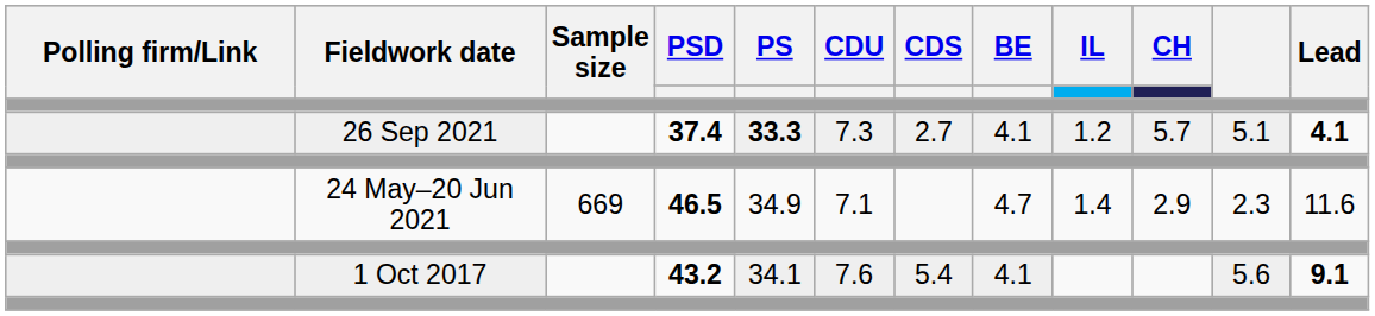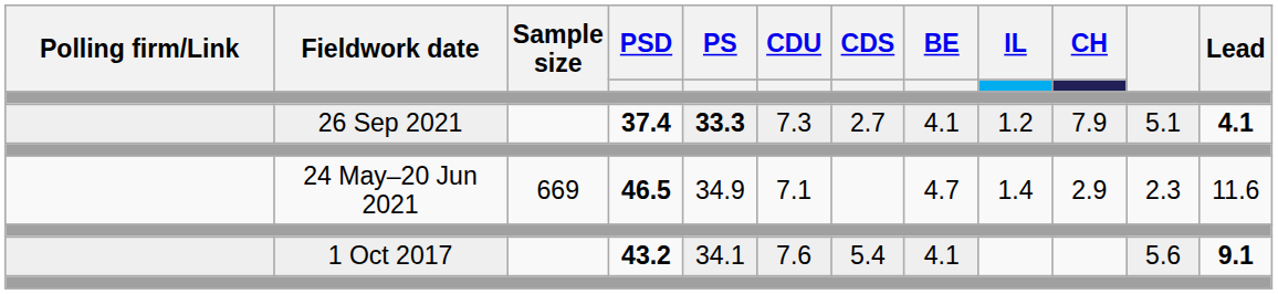 <table class="wikitable sortable mw-datatable" style="text-align:center;font-size:90%;line-height:16px;">
 <tr style="height:42px;">
 <th style="width:145px;" rowspan="2">Polling firm/Link</th>
 <th style="width:125px;" rowspan="2">Fieldwork date</th>
 <th class="unsortable" style="width:50px;" rowspan="2">Sample size</th>
 <th class="unsortable" style="width:35px;"><a href='#'>PSD</a></th>
 <th class="unsortable" style="width:35px;"><a href='#'>PS</a></th>
 <th class="unsortable" style="width:35px;"><a href='#'>CDU</a></th>
 <th class="unsortable" style="width:35px;"><a href='#'>CDS</a></th>
 <th class="unsortable" style="width:35px;"><a href='#'>BE</a></th>
 <th class="unsortable" style="width:35px;"><a href='#'>IL</a></th>
 <th class="unsortable" style="width:35px;"><a href='#'>CH</a></th>
 <th class="unsortable" style="width:35px;" rowspan="2"></th>
 <th class="unsortable" style="width:30px;" rowspan="2">Lead</th>
 </tr>
 <tr>
 <th class="unsortable" style="color:inherit;background:"></th>
 <th class="unsortable" style="color:inherit;background:"></th>
 <th class="unsortable" style="color:inherit;background:"></th>
 <th class="unsortable" style="color:inherit;background:"></th>
 <th class="unsortable" style="color:inherit;background:"></th>
 <th class="sortable" style="background:#00ADEF;"></th>
 <th class="unsortable" style="color:inherit;background:#202056;"></th>
 </tr>
 <tr>
 <td colspan="12" style="background:#A0A0A0"></td>
 </tr>
 <tr>
 <td style="background:#EFEFEF;"><strong></strong></td>
 <td style="background:#EFEFEF;" data-sort-value="2019-10-06">26 Sep 2021</td>
 <td></td>
 <td><strong>37.4</strong><br></td>
 <td style="background:#EFEFEF;"><strong>33.3<br></strong></td>
 <td style="background:#EFEFEF;">7.3<br></td>
 <td style="background:#EFEFEF;">2.7<br></td>
 <td style="background:#EFEFEF;">4.1<br></td>
 <td style="background:#EFEFEF;">1.2<br></td>
-<td style="background:#EFEFEF;">5.7<br></td>
+<td style="background:#EFEFEF;">7.9<br></td>
 <td style="background:#EFEFEF;">5.1<br></td>
 <td style="background:"><strong>4.1</strong></td>
 </tr>
 <tr>
 <td colspan="12" style="background:#A0A0A0"></td>
 </tr>
 <tr>
 <td align="center"></td>
 <td align="center">24 May–20 Jun 2021</td>
 <td align="center">669</td>
 <td align="center" ><strong>46.5</strong></td>
 <td align="center">34.9</td>
 <td align="center">7.1</td>
 <td></td>
 <td align="center">4.7</td>
 <td align="center">1.4</td>
 <td align="center">2.9</td>
 <td align="center">2.3</td>
 <td style="background:">11.6</td>
 </tr>
 <tr>
 <td colspan="12" style="background:#A0A0A0"></td>
 </tr>
 <tr>
 <td style="background:#EFEFEF;"><strong></strong></td>
 <td style="background:#EFEFEF;" data-sort-value="2019-10-06">1 Oct 2017</td>
 <td></td>
 <td><strong>43.2</strong><br></td>
 <td style="background:#EFEFEF;">34.1<br></td>
 <td style="background:#EFEFEF;">7.6<br></td>
 <td style="background:#EFEFEF;">5.4<br></td>
 <td style="background:#EFEFEF;">4.1<br></td>
 <td></td>
 <td></td>
 <td style="background:#EFEFEF;">5.6<br></td>
 <td style="background:"><strong>9.1</strong></td>
 </tr>
 <tr>
 <td colspan="12" style="background:#A0A0A0"></td>
 </tr>
 </table>
